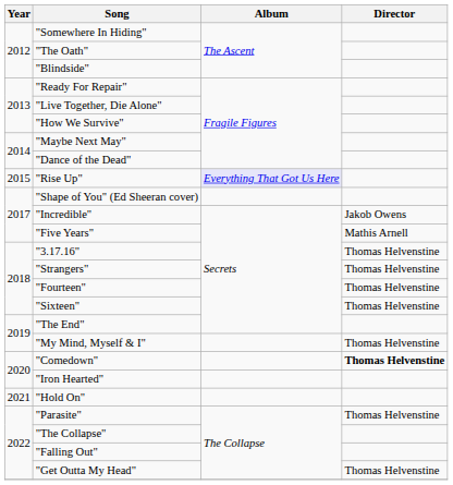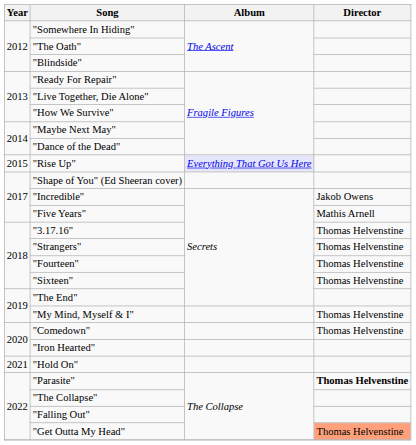 <table class="wikitable">
 <tr>
 <th>Year</th>
 <th>Song</th>
 <th>Album</th>
 <th>Director</th>
 </tr>
 <tr>
 <td rowspan="3">2012</td>
 <td>"Somewhere In Hiding"</td>
 <td rowspan="3"><em><a href='#'>The Ascent</a></em></td>
 <td></td>
 </tr>
 <tr>
 <td>"The Oath"</td>
 <td></td>
 </tr>
 <tr>
 <td>"Blindside"</td>
 <td></td>
 </tr>
 <tr>
 <td rowspan="3">2013</td>
 <td>"Ready For Repair"</td>
 <td rowspan="5"><em><a href='#'>Fragile Figures</a></em></td>
 <td></td>
 </tr>
 <tr>
 <td>"Live Together, Die Alone"</td>
 <td></td>
 </tr>
 <tr>
 <td>"How We Survive"</td>
 <td></td>
 </tr>
 <tr>
 <td rowspan="2">2014</td>
 <td>"Maybe Next May"</td>
 <td></td>
 </tr>
 <tr>
 <td>"Dance of the Dead"</td>
 <td></td>
 </tr>
 <tr>
 <td>2015</td>
 <td>"Rise Up"</td>
 <td style="background: lavender;"><em><a href='#'>Everything That Got Us Here</a></em></td>
 <td></td>
 </tr>
 <tr>
 <td rowspan="3">2017</td>
 <td>"Shape of You" (Ed Sheeran cover)</td>
 <td></td>
 <td></td>
 </tr>
 <tr>
 <td>"Incredible"</td>
 <td rowspan="7"><em>Secrets</em></td>
 <td>Jakob Owens</td>
 </tr>
 <tr>
 <td>"Five Years"</td>
 <td>Mathis Arnell</td>
 </tr>
 <tr>
 <td rowspan="4">2018</td>
 <td>"3.17.16"</td>
 <td>Thomas Helvenstine</td>
 </tr>
 <tr>
 <td>"Strangers"</td>
 <td>Thomas Helvenstine</td>
 </tr>
 <tr>
 <td>"Fourteen"</td>
 <td>Thomas Helvenstine</td>
 </tr>
 <tr>
 <td>"Sixteen"</td>
 <td>Thomas Helvenstine</td>
 </tr>
 <tr>
 <td rowspan="2">2019</td>
 <td>"The End"</td>
 <td></td>
 </tr>
 <tr>
 <td>"My Mind, Myself & I"</td>
 <td></td>
 <td>Thomas Helvenstine</td>
 </tr>
 <tr>
 <td rowspan="2">2020</td>
 <td>"Comedown"</td>
 <td></td>
-<td><strong>Thomas Helvenstine</strong></td>
+<td>Thomas Helvenstine</td>
 </tr>
 <tr>
 <td>"Iron Hearted"</td>
 <td></td>
 <td></td>
 </tr>
 <tr>
 <td>2021</td>
 <td>"Hold On"</td>
 <td></td>
 <td></td>
 </tr>
 <tr>
 <td rowspan="4">2022</td>
 <td>"Parasite"</td>
 <td rowspan="4"><em>The Collapse</em></td>
-<td>Thomas Helvenstine</td>
+<td><strong>Thomas Helvenstine</strong></td>
 </tr>
 <tr>
 <td>"The Collapse"</td>
 <td></td>
 </tr>
 <tr>
 <td>"Falling Out"</td>
 <td></td>
 </tr>
 <tr>
 <td>"Get Outta My Head"</td>
-<td>Thomas Helvenstine</td>
+<td style="background: lightsalmon;">Thomas Helvenstine</td>
 </tr>
 <tr>
 </tr>
 </table>
